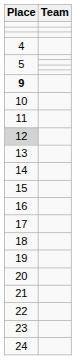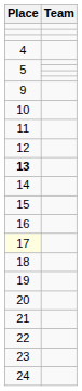 <table class="wikitable">
 <tr>
 <th>Place</th>
 <th>Team</th>
 </tr>
 <tr>
 <td align=center></td>
 <td></td>
 </tr>
 <tr>
 <td align=center></td>
 <td></td>
 </tr>
 <tr>
 <td align=center></td>
 <td></td>
 </tr>
 <tr>
 <td align=center>4</td>
 <td></td>
 </tr>
 <tr>
 <td align=center rowspan="4">5</td>
 <td></td>
 </tr>
 <tr>
 <td></td>
 </tr>
 <tr>
 <td></td>
 </tr>
 <tr>
 <td></td>
 </tr>
 <tr>
-<td align=center><strong>9</strong></td>
+<td align=center>9</td>
 <td></td>
 </tr>
 <tr>
 <td align=center>10</td>
 <td></td>
 </tr>
 <tr>
 <td align=center>11</td>
 <td></td>
 </tr>
 <tr>
-<td align=center style="background: lightgrey;">12</td>
+<td align=center>12</td>
 <td></td>
 </tr>
 <tr>
-<td align=center>13</td>
+<td align=center><strong>13</strong></td>
 <td></td>
 </tr>
 <tr>
 <td align=center>14</td>
 <td></td>
 </tr>
 <tr>
 <td align=center>15</td>
 <td></td>
 </tr>
 <tr>
 <td align=center>16</td>
 <td></td>
 </tr>
 <tr>
-<td align=center>17</td>
+<td align=center style="background: lightyellow;">17</td>
 <td></td>
 </tr>
 <tr>
 <td align=center>18</td>
 <td></td>
 </tr>
 <tr>
 <td align=center>19</td>
 <td></td>
 </tr>
 <tr>
 <td align=center>20</td>
 <td></td>
 </tr>
 <tr>
 <td align=center>21</td>
 <td></td>
 </tr>
 <tr>
 <td align=center>22</td>
 <td></td>
 </tr>
 <tr>
 <td align=center>23</td>
 <td></td>
 </tr>
 <tr>
 <td align=center>24</td>
 <td></td>
 </tr>
 </table>
